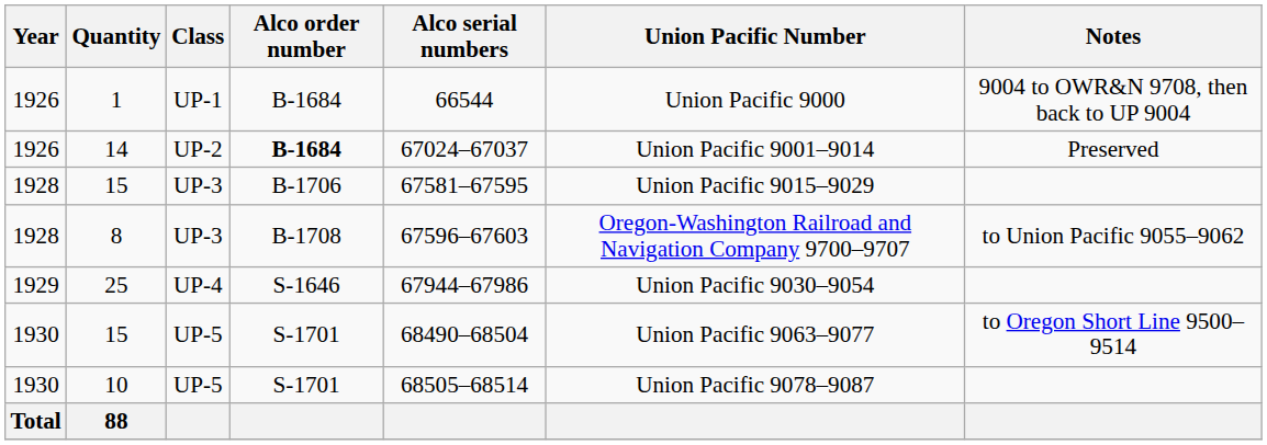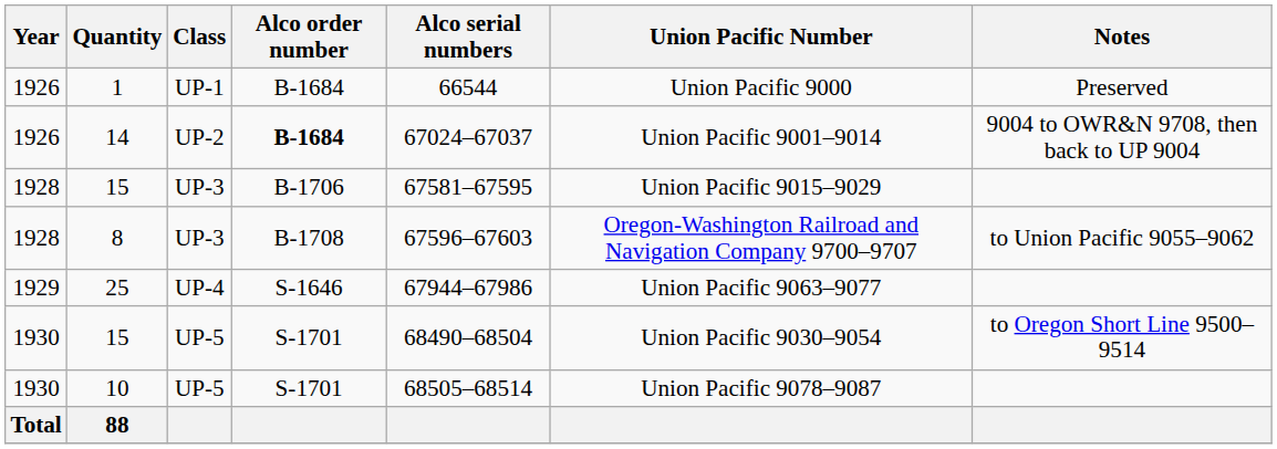 <table class="wikitable" style="text-align:center">
 <tr>
 <th>Year</th>
 <th>Quantity</th>
 <th>Class</th>
 <th>Alco order number</th>
 <th>Alco serial numbers</th>
 <th>Union Pacific Number</th>
 <th>Notes</th>
 </tr>
 <tr>
 <td>1926</td>
 <td>1</td>
 <td>UP-1</td>
 <td>B-1684</td>
 <td>66544</td>
 <td>Union Pacific 9000</td>
-<td>9004 to OWR&N 9708, then back to UP 9004</td>
+<td>Preserved</td>
 </tr>
 <tr>
 <td>1926</td>
 <td>14</td>
 <td>UP-2</td>
 <td><strong>B-1684</strong></td>
 <td>67024–67037</td>
 <td>Union Pacific 9001–9014</td>
-<td>Preserved</td>
+<td>9004 to OWR&N 9708, then back to UP 9004</td>
 </tr>
 <tr>
 <td>1928</td>
 <td>15</td>
 <td>UP-3</td>
 <td>B-1706</td>
 <td>67581–67595</td>
 <td>Union Pacific 9015–9029</td>
 <td></td>
 </tr>
 <tr>
 <td>1928</td>
 <td>8</td>
 <td>UP-3</td>
 <td>B-1708</td>
 <td>67596–67603</td>
 <td><a href='#'>Oregon-Washington Railroad and Navigation Company</a> 9700–9707</td>
 <td>to Union Pacific 9055–9062</td>
 </tr>
 <tr>
 <td>1929</td>
 <td>25</td>
 <td>UP-4</td>
 <td>S-1646</td>
 <td>67944–67986</td>
-<td>Union Pacific 9030–9054</td>
+<td>Union Pacific 9063–9077</td>
 <td></td>
 </tr>
 <tr>
 <td>1930</td>
 <td>15</td>
 <td>UP-5</td>
 <td>S-1701</td>
 <td>68490–68504</td>
-<td>Union Pacific 9063–9077</td>
+<td>Union Pacific 9030–9054</td>
 <td>to <a href='#'>Oregon Short Line</a> 9500–9514</td>
 </tr>
 <tr>
 <td>1930</td>
 <td>10</td>
 <td>UP-5</td>
 <td>S-1701</td>
 <td>68505–68514</td>
 <td>Union Pacific 9078–9087</td>
 <td></td>
 </tr>
 <tr>
 <th>Total</th>
 <th>88</th>
 <th></th>
 <th></th>
 <th></th>
 <th></th>
 <th></th>
 </tr>
 <tr>
 </tr>
 </table>
